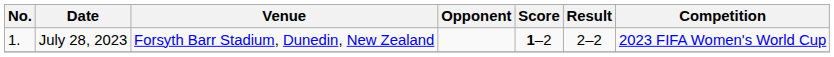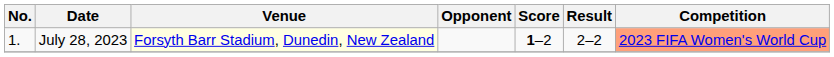 <table class="wikitable">
 <tr>
 <th>No.</th>
 <th>Date</th>
 <th>Venue</th>
 <th>Opponent</th>
 <th>Score</th>
 <th>Result</th>
 <th>Competition</th>
 </tr>
 <tr>
 <td>1.</td>
 <td>July 28, 2023</td>
-<td><a href='#'>Forsyth Barr Stadium</a>, <a href='#'>Dunedin</a>, <a href='#'>New Zealand</a></td>
+<td style="background: lightyellow;"><a href='#'>Forsyth Barr Stadium</a>, <a href='#'>Dunedin</a>, <a href='#'>New Zealand</a></td>
 <td></td>
 <td align=center><strong>1</strong>–2</td>
 <td align=center>2–2</td>
-<td><a href='#'>2023 FIFA Women's World Cup</a></td>
+<td style="background: lightsalmon;"><a href='#'>2023 FIFA Women's World Cup</a></td>
 </tr>
 <tr>
 </tr>
 </table>
